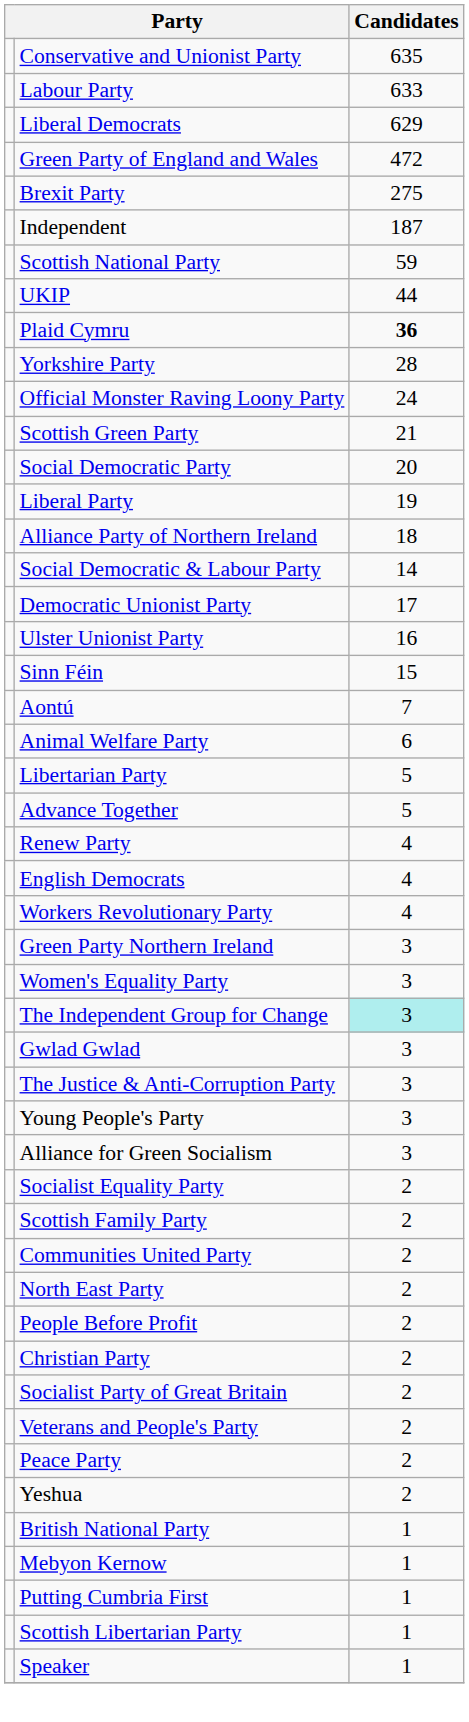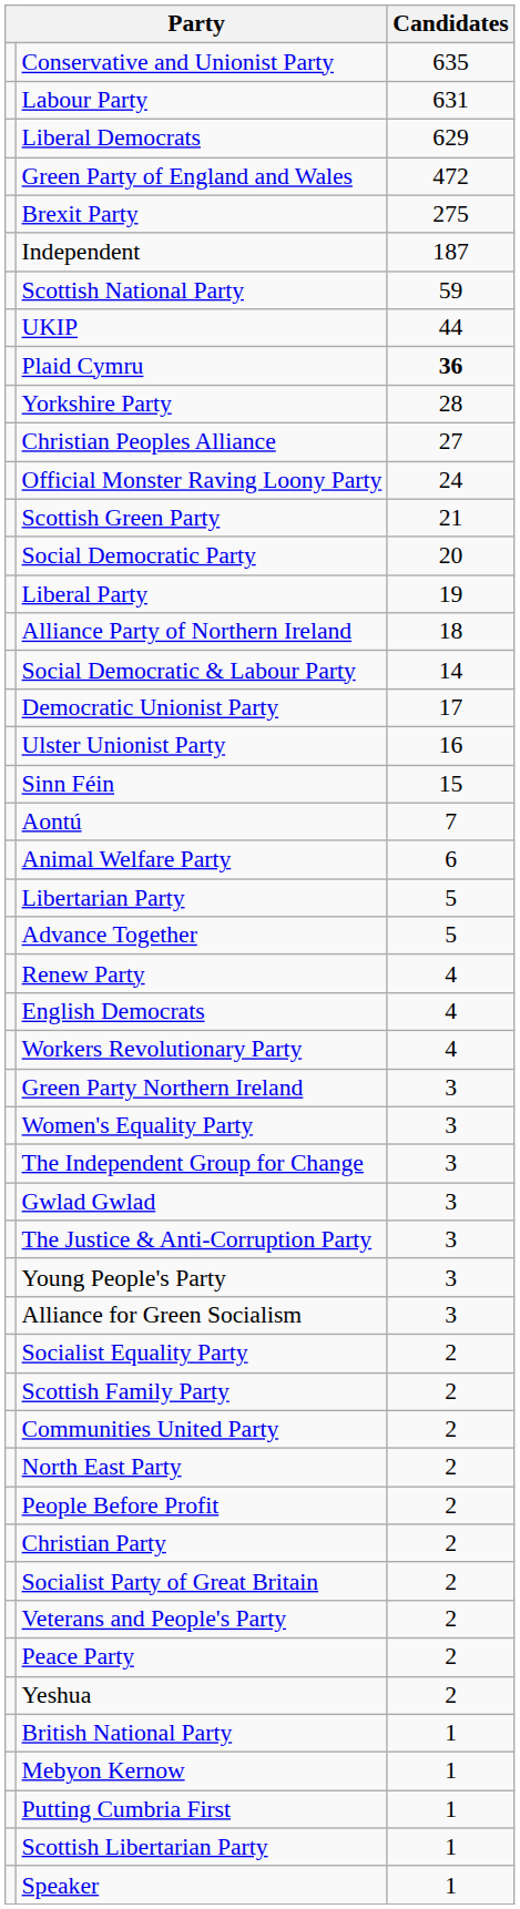 <table class="wikitable sortable">
 <tr>
 <th colspan="2" style="vertical-align:top;">Party</th>
 <th style="vertical-align:top;">Candidates</th>
 </tr>
 <tr>
 <td style="color:inherit;background:"></td>
 <td><a href='#'>Conservative and Unionist Party</a></td>
 <td style="text-align:center;">635</td>
 </tr>
 <tr>
 <td style="color:inherit;background:"></td>
 <td><a href='#'>Labour Party</a></td>
-<td style="text-align:center;">633</td>
+<td style="text-align:center;">631</td>
 </tr>
 <tr>
 <td style="color:inherit;background:"></td>
 <td><a href='#'>Liberal Democrats</a></td>
 <td style="text-align:center;">629</td>
 </tr>
 <tr>
 <td style="color:inherit;background:"></td>
 <td><a href='#'>Green Party of England and Wales</a></td>
 <td style="text-align:center;">472</td>
 </tr>
 <tr>
 <td style="color:inherit;background:"></td>
 <td><a href='#'>Brexit Party</a></td>
 <td style="text-align:center;">275</td>
 </tr>
 <tr>
 <td style="color:inherit;background:"></td>
 <td>Independent</td>
 <td style="text-align:center;">187</td>
 </tr>
 <tr>
 <td style="color:inherit;background:"></td>
 <td><a href='#'>Scottish National Party</a></td>
 <td style="text-align:center;">59</td>
 </tr>
 <tr>
 <td style="color:inherit;background:"></td>
 <td><a href='#'>UKIP</a></td>
 <td style="text-align:center;">44</td>
 </tr>
 <tr>
 <td style="color:inherit;background:"></td>
 <td><a href='#'>Plaid Cymru</a></td>
 <td style="text-align:center;"><strong>36</strong></td>
 </tr>
 <tr>
 <td style="color:inherit;background:"></td>
 <td><a href='#'>Yorkshire Party</a></td>
 <td style="text-align:center;">28</td>
+</tr>
+<tr>
+<td style="color:inherit;background:"></td>
+<td><a href='#'>Christian Peoples Alliance</a></td>
+<td style="text-align:center;">27</td>
 </tr>
 <tr>
 <td style="color:inherit;background:"></td>
 <td><a href='#'>Official Monster Raving Loony Party</a></td>
 <td style="text-align:center;">24</td>
 </tr>
 <tr>
 <td style="color:inherit;background:"></td>
 <td><a href='#'>Scottish Green Party</a></td>
 <td style="text-align:center;">21</td>
 </tr>
 <tr>
 <td style="color:inherit;background:"></td>
 <td><a href='#'>Social Democratic Party</a></td>
 <td style="text-align:center;">20</td>
 </tr>
 <tr>
 <td style="color:inherit;background:"></td>
 <td><a href='#'>Liberal Party</a></td>
 <td style="text-align:center;">19</td>
 </tr>
 <tr>
 <td style="color:inherit;background:"></td>
 <td><a href='#'>Alliance Party of Northern Ireland</a></td>
 <td style="text-align:center;">18</td>
 </tr>
 <tr>
 <td style="color:inherit;background:"></td>
 <td><a href='#'>Social Democratic & Labour Party</a></td>
 <td style="text-align:center;">14</td>
 </tr>
 <tr>
 <td style="color:inherit;background:"></td>
 <td><a href='#'>Democratic Unionist Party</a></td>
 <td style="text-align:center;">17</td>
 </tr>
 <tr>
 <td style="color:inherit;background:"></td>
 <td><a href='#'>Ulster Unionist Party</a></td>
 <td style="text-align:center;">16</td>
 </tr>
 <tr>
 <td style="color:inherit;background:"></td>
 <td><a href='#'>Sinn Féin</a></td>
 <td style="text-align:center;">15</td>
 </tr>
 <tr>
 <td style="color:inherit;background:"></td>
 <td><a href='#'>Aontú</a></td>
 <td style="text-align:center;">7</td>
 </tr>
 <tr>
 <td style="color:inherit;background:"></td>
 <td><a href='#'>Animal Welfare Party</a></td>
 <td style="text-align:center;">6</td>
 </tr>
 <tr>
 <td style="color:inherit;background:"></td>
 <td><a href='#'>Libertarian Party</a></td>
 <td style="text-align:center;">5</td>
 </tr>
 <tr>
 <td style="color:inherit;background:"></td>
 <td><a href='#'>Advance Together</a></td>
 <td style="text-align:center;">5</td>
 </tr>
 <tr>
 <td style="color:inherit;background:"></td>
 <td><a href='#'>Renew Party</a></td>
 <td style="text-align:center;">4</td>
 </tr>
 <tr>
 <td style="color:inherit;background:"></td>
 <td><a href='#'>English Democrats</a></td>
 <td style="text-align:center;">4</td>
 </tr>
 <tr>
 <td style="color:inherit;background:"></td>
 <td><a href='#'>Workers Revolutionary Party</a></td>
 <td style="text-align:center;">4</td>
 </tr>
 <tr>
 <td style="color:inherit;background:"></td>
 <td><a href='#'>Green Party Northern Ireland</a></td>
 <td style="text-align:center;">3</td>
 </tr>
 <tr>
 <td style="color:inherit;background:"></td>
 <td><a href='#'>Women's Equality Party</a></td>
 <td style="text-align:center;">3</td>
 </tr>
 <tr>
 <td style="color:inherit;background:"></td>
 <td><a href='#'>The Independent Group for Change</a></td>
-<td style="background: paleturquoise; text-align:center;">3</td>
+<td style="text-align:center;">3</td>
 </tr>
 <tr>
 <td style="color:inherit;background:"></td>
 <td><a href='#'>Gwlad Gwlad</a></td>
 <td style="text-align:center;">3</td>
 </tr>
 <tr>
 <td style="color:inherit;background:"></td>
 <td><a href='#'>The Justice & Anti-Corruption Party</a></td>
 <td style="text-align:center;">3</td>
 </tr>
 <tr>
 <td style="color:inherit;background:"></td>
 <td>Young People's Party</td>
 <td style="text-align:center;">3</td>
 </tr>
 <tr>
 <td style="color:inherit;background:"></td>
 <td>Alliance for Green Socialism</td>
 <td style="text-align:center;">3</td>
 </tr>
 <tr>
 <td style="color:inherit;background:"></td>
 <td><a href='#'>Socialist Equality Party</a></td>
 <td style="text-align:center;">2</td>
 </tr>
 <tr>
 <td style="color:inherit;background:"></td>
 <td><a href='#'>Scottish Family Party</a></td>
 <td style="text-align:center;">2</td>
 </tr>
 <tr>
 <td style="color:inherit;background:"></td>
 <td><a href='#'>Communities United Party</a></td>
 <td style="text-align:center;">2</td>
 </tr>
 <tr>
 <td style="color:inherit;background:"></td>
 <td><a href='#'>North East Party</a></td>
 <td style="text-align:center;">2</td>
 </tr>
 <tr>
 <td style="color:inherit;background:"></td>
 <td><a href='#'>People Before Profit</a></td>
 <td style="text-align:center;">2</td>
 </tr>
 <tr>
 <td style="color:inherit;background:"></td>
 <td><a href='#'>Christian Party</a></td>
 <td style="text-align:center;">2</td>
 </tr>
 <tr>
 <td style="color:inherit;background:"></td>
 <td><a href='#'>Socialist Party of Great Britain</a></td>
 <td style="text-align:center;">2</td>
 </tr>
 <tr>
 <td style="color:inherit;background:"></td>
 <td><a href='#'>Veterans and People's Party</a></td>
 <td style="text-align:center;">2</td>
 </tr>
 <tr>
 <td style="color:inherit;background:"></td>
 <td><a href='#'>Peace Party</a></td>
 <td style="text-align:center;">2</td>
 </tr>
 <tr>
 <td style="color:inherit;background:"></td>
 <td>Yeshua</td>
 <td style="text-align:center;">2</td>
 </tr>
 <tr>
 <td style="color:inherit;background:"></td>
 <td><a href='#'>British National Party</a></td>
 <td style="text-align:center;">1</td>
 </tr>
 <tr>
 <td style="color:inherit;background:"></td>
 <td><a href='#'>Mebyon Kernow</a></td>
 <td style="text-align:center;">1</td>
 </tr>
 <tr>
 <td style="color:inherit;background:"></td>
 <td><a href='#'>Putting Cumbria First</a></td>
 <td style="text-align:center;">1</td>
 </tr>
 <tr>
 <td style="color:inherit;background:"></td>
 <td><a href='#'>Scottish Libertarian Party</a></td>
 <td style="text-align:center;">1</td>
 </tr>
 <tr>
 <td style="color:inherit;background:"></td>
 <td><a href='#'>Speaker</a></td>
 <td style="text-align:center;">1</td>
 </tr>
 <tr>
 </tr>
 </table>
